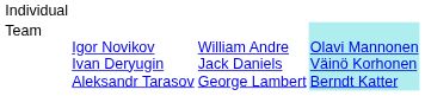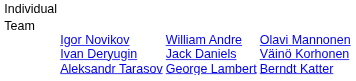 <table>
 <tr>
 <td>Individual<br></td>
 <td></td>
 <td></td>
 <td></td>
 </tr>
 <tr valign="top">
 <td>Team<br></td>
 <td><br><a href='#'>Igor Novikov</a><br><a href='#'>Ivan Deryugin</a><br><a href='#'>Aleksandr Tarasov</a></td>
 <td><br><a href='#'>William Andre</a><br><a href='#'>Jack Daniels</a><br><a href='#'>George Lambert</a></td>
-<td style="background: paleturquoise;"><br><a href='#'>Olavi Mannonen</a><br><a href='#'>Väinö Korhonen</a><br><a href='#'>Berndt Katter</a></td>
+<td><br><a href='#'>Olavi Mannonen</a><br><a href='#'>Väinö Korhonen</a><br><a href='#'>Berndt Katter</a></td>
 </tr>
 </table>
